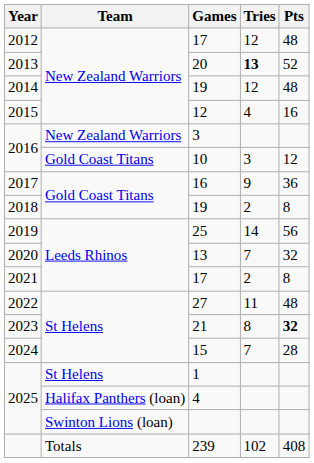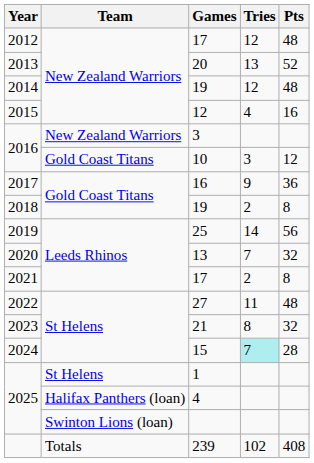 <table class="wikitable">
 <tr>
 <th>Year</th>
 <th>Team</th>
 <th>Games</th>
 <th>Tries</th>
 <th>Pts</th>
 </tr>
 <tr>
 <td>2012</td>
 <td rowspan="4"> <a href='#'>New Zealand Warriors</a></td>
 <td>17</td>
 <td>12</td>
 <td>48</td>
 </tr>
 <tr>
 <td>2013</td>
 <td>20</td>
-<td><strong>13</strong></td>
+<td>13</td>
 <td>52</td>
 </tr>
 <tr>
 <td>2014</td>
 <td>19</td>
 <td>12</td>
 <td>48</td>
 </tr>
 <tr>
 <td>2015</td>
 <td>12</td>
 <td>4</td>
 <td>16</td>
 </tr>
 <tr>
 <td rowspan="2">2016</td>
 <td> <a href='#'>New Zealand Warriors</a></td>
 <td>3</td>
 <td></td>
 <td></td>
 </tr>
 <tr>
 <td> <a href='#'>Gold Coast Titans</a></td>
 <td>10</td>
 <td>3</td>
 <td>12</td>
 </tr>
 <tr>
 <td>2017</td>
 <td rowspan="2"> <a href='#'>Gold Coast Titans</a></td>
 <td>16</td>
 <td>9</td>
 <td>36</td>
 </tr>
 <tr>
 <td>2018</td>
 <td>19</td>
 <td>2</td>
 <td>8</td>
 </tr>
 <tr>
 <td>2019</td>
 <td rowspan="3"> <a href='#'>Leeds Rhinos</a></td>
 <td>25</td>
 <td>14</td>
 <td>56</td>
 </tr>
 <tr>
 <td>2020</td>
 <td>13</td>
 <td>7</td>
 <td>32</td>
 </tr>
 <tr>
 <td>2021</td>
 <td>17</td>
 <td>2</td>
 <td>8</td>
 </tr>
 <tr>
 <td>2022</td>
 <td rowspan="3"> <a href='#'>St Helens</a></td>
 <td>27</td>
 <td>11</td>
 <td>48</td>
 </tr>
 <tr>
 <td>2023</td>
 <td>21</td>
 <td>8</td>
-<td><strong>32</strong></td>
+<td>32</td>
 </tr>
 <tr>
 <td>2024</td>
 <td>15</td>
-<td>7</td>
+<td style="background: paleturquoise;">7</td>
 <td>28</td>
 </tr>
 <tr>
 <td rowspan="3">2025</td>
 <td> <a href='#'>St Helens</a></td>
 <td>1</td>
 <td></td>
 <td></td>
 </tr>
 <tr>
 <td> <a href='#'>Halifax Panthers</a> (loan)</td>
 <td>4</td>
 <td></td>
 <td></td>
 </tr>
 <tr>
 <td> <a href='#'>Swinton Lions</a> (loan)</td>
 <td></td>
 <td></td>
 <td></td>
 </tr>
 <tr>
 <td></td>
 <td>Totals</td>
 <td>239</td>
 <td>102</td>
 <td>408</td>
 </tr>
 </table>
